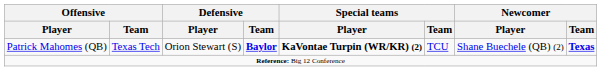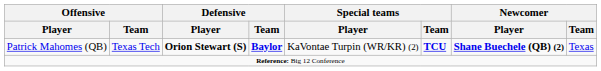 <table class="wikitable">
 <tr>
 <th colspan="2">Offensive</th>
 <th colspan="2">Defensive</th>
 <th colspan="2">Special teams</th>
 <th colspan="2">Newcomer</th>
 </tr>
 <tr>
 <th>Player</th>
 <th>Team</th>
 <th>Player</th>
 <th>Team</th>
 <th>Player</th>
 <th>Team</th>
 <th>Player</th>
 <th>Team</th>
 </tr>
 <tr>
 <td><a href='#'>Patrick Mahomes</a> (QB)</td>
 <td><a href='#'>Texas Tech</a></td>
-<td>Orion Stewart (S)</td>
+<td><strong>Orion Stewart (S)</strong></td>
 <td><strong><a href='#'>Baylor</a></strong></td>
-<td><strong>KaVontae Turpin (WR/KR) <small>(2)</small></strong></td>
-<td><a href='#'>TCU</a></td>
-<td><a href='#'>Shane Buechele</a> (QB) <small>(2)</small></td>
-<td><strong><a href='#'>Texas</a></strong></td>
+<td>KaVontae Turpin (WR/KR) <small>(2)</small></td>
+<td><strong><a href='#'>TCU</a></strong></td>
+<td><strong><a href='#'>Shane Buechele</a> (QB) <small>(2)</small></strong></td>
+<td><a href='#'>Texas</a></td>
 </tr>
 <tr>
 <td colspan="12"  style="font-size:8pt; text-align:center;"><strong>Reference:</strong> Big 12 Conference </td>
 </tr>
 </table>
